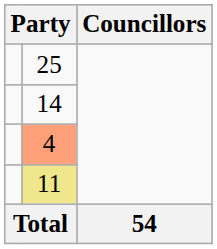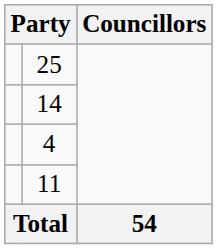 <table class="wikitable">
 <tr>
 <th colspan="2">Party</th>
 <th>Councillors</th>
 </tr>
 <tr>
 <td></td>
 <td align=center>25</td>
 </tr>
 <tr>
 <td></td>
 <td align=center>14</td>
 </tr>
 <tr>
 <td></td>
-<td align=center style="background: lightsalmon;">4</td>
+<td align=center>4</td>
 </tr>
 <tr>
 <td></td>
-<td align=center style="background: khaki;">11</td>
+<td align=center>11</td>
 </tr>
 <tr>
 <th colspan=2>Total</th>
 <th>54</th>
 </tr>
 </table>
